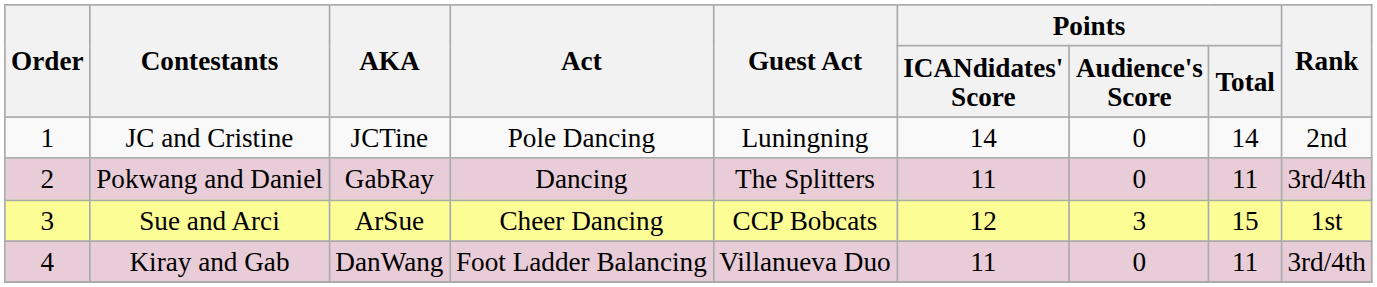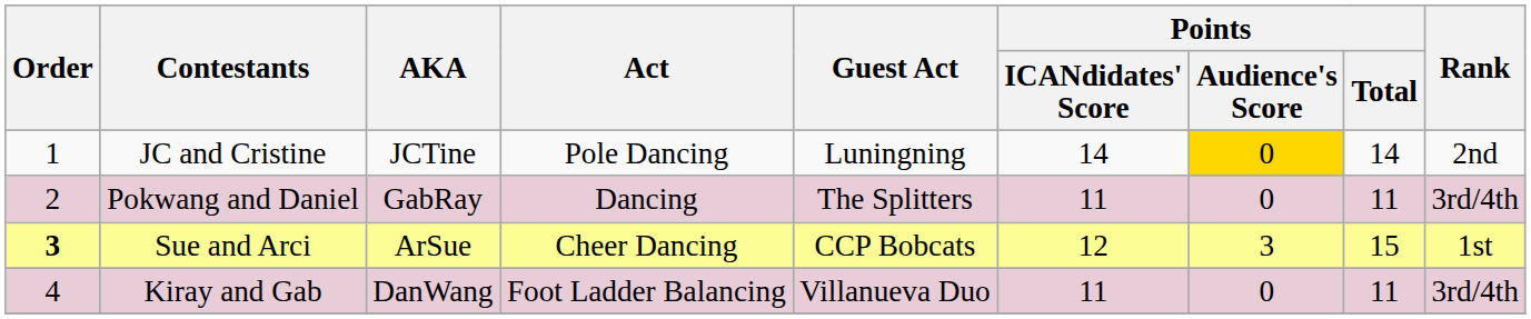 <table class="wikitable" style="text-align:center; line-height:17px; width:auto;">
 <tr>
 <th rowspan="2">Order</th>
 <th rowspan="2">Contestants</th>
 <th rowspan="2">AKA</th>
 <th rowspan="2">Act</th>
 <th rowspan="2">Guest Act</th>
 <th colspan="3">Points</th>
 <th rowspan="2">Rank</th>
 </tr>
 <tr>
 <th>ICANdidates'<br>Score</th>
 <th>Audience's<br>Score</th>
 <th>Total</th>
 </tr>
 <tr>
 <td>1</td>
 <td>JC and Cristine</td>
 <td>JCTine</td>
 <td>Pole Dancing</td>
 <td>Luningning</td>
 <td>14</td>
-<td>0</td>
+<td style="background: gold;">0</td>
 <td>14</td>
 <td>2nd</td>
 </tr>
 <tr>
 <td style="background:#E8CCD7">2</td>
 <td style="background:#E8CCD7">Pokwang and Daniel</td>
 <td style="background:#E8CCD7">GabRay</td>
 <td style="background:#E8CCD7">Dancing</td>
 <td style="background:#E8CCD7">The Splitters</td>
 <td style="background:#E8CCD7">11</td>
 <td style="background:#E8CCD7">0</td>
 <td style="background:#E8CCD7">11</td>
 <td style="background:#E8CCD7">3rd/4th</td>
 </tr>
 <tr>
-<td style="background: #FDFD96;">3</td>
+<td style="background: #FDFD96;"><strong>3</strong></td>
 <td style="background: #FDFD96;">Sue and Arci</td>
 <td style="background: #FDFD96;">ArSue</td>
 <td style="background: #FDFD96;">Cheer Dancing</td>
 <td style="background: #FDFD96;">CCP Bobcats</td>
 <td style="background: #FDFD96;">12</td>
 <td style="background: #FDFD96;">3</td>
 <td style="background: #FDFD96;">15</td>
 <td style="background: #FDFD96;">1st</td>
 </tr>
 <tr>
 <td style="background:#E8CCD7">4</td>
 <td style="background:#E8CCD7">Kiray and Gab</td>
 <td style="background:#E8CCD7">DanWang</td>
 <td style="background:#E8CCD7">Foot Ladder Balancing</td>
 <td style="background:#E8CCD7">Villanueva Duo</td>
 <td style="background:#E8CCD7">11</td>
 <td style="background:#E8CCD7">0</td>
 <td style="background:#E8CCD7">11</td>
 <td style="background:#E8CCD7">3rd/4th</td>
 </tr>
 <tr>
 </tr>
 </table>
